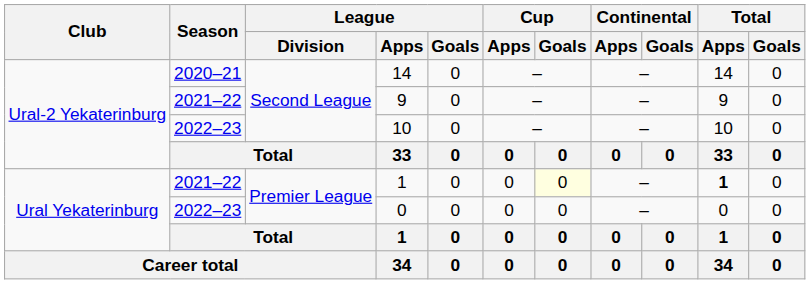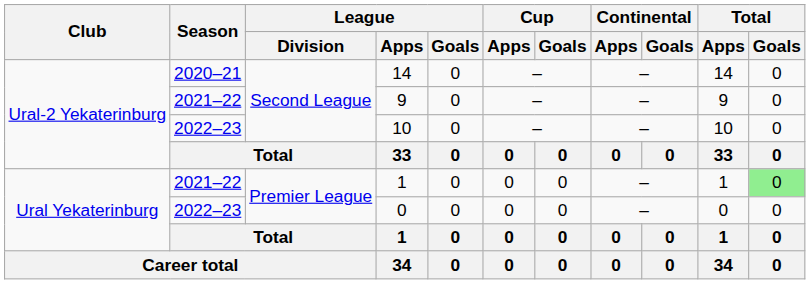 <table class="wikitable" style="text-align: center;">
 <tr>
 <th rowspan=2>Club</th>
 <th rowspan=2>Season</th>
 <th colspan=3>League</th>
 <th colspan=2>Cup</th>
 <th colspan=2>Continental</th>
 <th colspan=2>Total</th>
 </tr>
 <tr>
 <th>Division</th>
 <th>Apps</th>
 <th>Goals</th>
 <th>Apps</th>
 <th>Goals</th>
 <th>Apps</th>
 <th>Goals</th>
 <th>Apps</th>
 <th>Goals</th>
 </tr>
 <tr>
 <td rowspan="4"><a href='#'>Ural-2 Yekaterinburg</a></td>
 <td><a href='#'>2020–21</a></td>
 <td rowspan="3"><a href='#'>Second League</a></td>
 <td>14</td>
 <td>0</td>
 <td colspan=2>–</td>
 <td colspan=2>–</td>
 <td>14</td>
 <td>0</td>
 </tr>
 <tr>
 <td><a href='#'>2021–22</a></td>
 <td>9</td>
 <td>0</td>
 <td colspan=2>–</td>
 <td colspan=2>–</td>
 <td>9</td>
 <td>0</td>
 </tr>
 <tr>
 <td><a href='#'>2022–23</a></td>
 <td>10</td>
 <td>0</td>
 <td colspan=2>–</td>
 <td colspan=2>–</td>
 <td>10</td>
 <td>0</td>
 </tr>
 <tr>
 <th colspan=2>Total</th>
 <th>33</th>
 <th>0</th>
 <th>0</th>
 <th>0</th>
 <th>0</th>
 <th>0</th>
 <th>33</th>
 <th>0</th>
 </tr>
 <tr>
 <td rowspan="3"><a href='#'>Ural Yekaterinburg</a></td>
 <td><a href='#'>2021–22</a></td>
 <td rowspan="2"><a href='#'>Premier League</a></td>
 <td>1</td>
 <td>0</td>
 <td>0</td>
-<td style="background: lightyellow;">0</td>
+<td>0</td>
 <td colspan=2>–</td>
-<td><strong>1</strong></td>
-<td>0</td>
+<td>1</td>
+<td style="background: lightgreen;">0</td>
 </tr>
 <tr>
 <td><a href='#'>2022–23</a></td>
 <td>0</td>
 <td>0</td>
 <td>0</td>
 <td>0</td>
 <td colspan=2>–</td>
 <td>0</td>
 <td>0</td>
 </tr>
 <tr>
 <th colspan=2>Total</th>
 <th>1</th>
 <th>0</th>
 <th>0</th>
 <th>0</th>
 <th>0</th>
 <th>0</th>
 <th>1</th>
 <th>0</th>
 </tr>
 <tr>
 <th colspan=3>Career total</th>
 <th>34</th>
 <th>0</th>
 <th>0</th>
 <th>0</th>
 <th>0</th>
 <th>0</th>
 <th>34</th>
 <th>0</th>
 </tr>
 </table>
